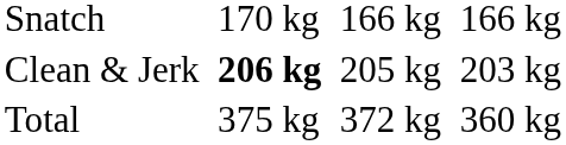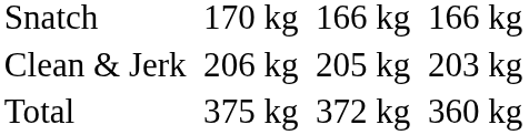 <table>
 <tr>
 <td>Snatch</td>
 <td></td>
 <td>170 kg</td>
 <td></td>
 <td>166 kg</td>
 <td></td>
 <td>166 kg</td>
 </tr>
 <tr>
 <td>Clean & Jerk</td>
 <td></td>
-<td><strong>206 kg</strong></td>
+<td>206 kg</td>
 <td></td>
 <td>205 kg</td>
 <td></td>
 <td>203 kg</td>
 </tr>
 <tr>
 <td>Total</td>
 <td></td>
 <td>375 kg</td>
 <td></td>
 <td>372 kg</td>
 <td></td>
 <td>360 kg</td>
 </tr>
 </table>
